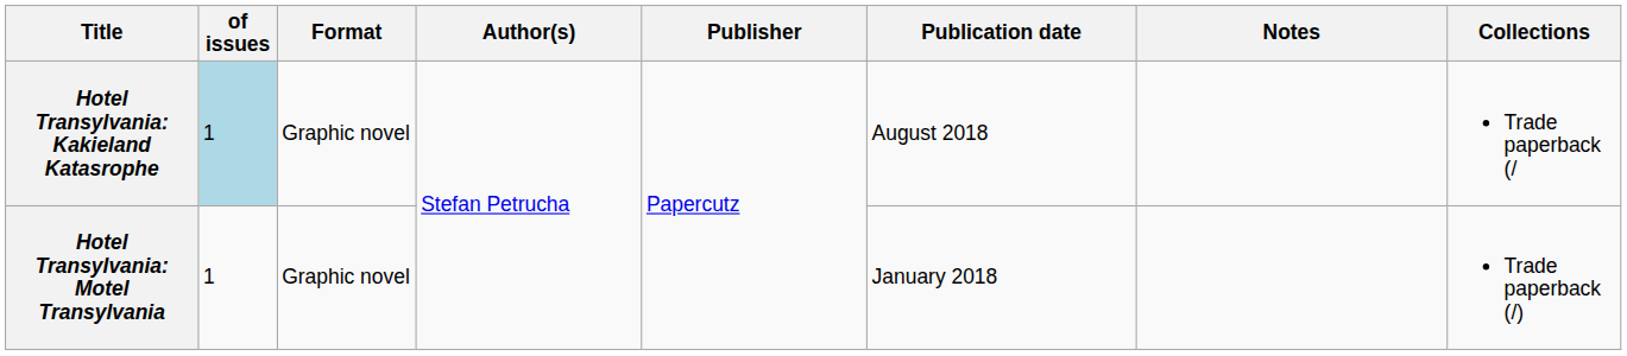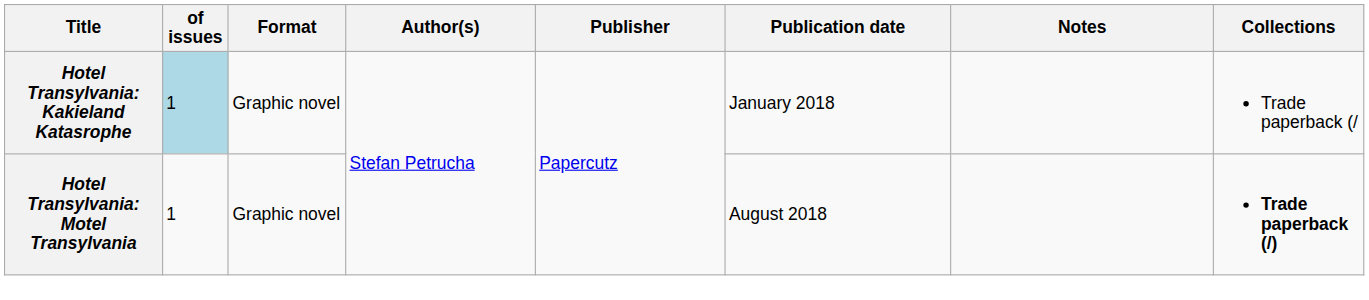 <table class="wikitable">
 <tr>
 <th>Title</th>
 <th style="width:40pt"> of issues</th>
 <th style="width:75pt">Format</th>
 <th style="width:125pt">Author(s)</th>
 <th style="width:125pt">Publisher</th>
 <th style="width:150pt">Publication date</th>
 <th style="width:175pt">Notes</th>
 <th>Collections</th>
 </tr>
 <tr>
 <th><em>Hotel Transylvania: Kakieland Katasrophe</em></th>
 <td style="background: lightblue;">1</td>
 <td>Graphic novel</td>
 <td rowspan="2"><a href='#'>Stefan Petrucha</a></td>
 <td rowspan="2"><a href='#'>Papercutz</a></td>
-<td>August 2018</td>
+<td>January 2018</td>
 <td></td>
 <td><br><ul><li>Trade paperback (/</li></ul></td>
 </tr>
 <tr>
 <th><em>Hotel Transylvania: Motel Transylvania</em></th>
 <td>1</td>
 <td>Graphic novel</td>
-<td>January 2018</td>
+<td>August 2018</td>
 <td></td>
-<td><br><ul><li>Trade paperback (/)</li></ul></td>
+<td><strong><br><ul><li>Trade paperback (/)</li></ul></strong></td>
 </tr>
 </table>
